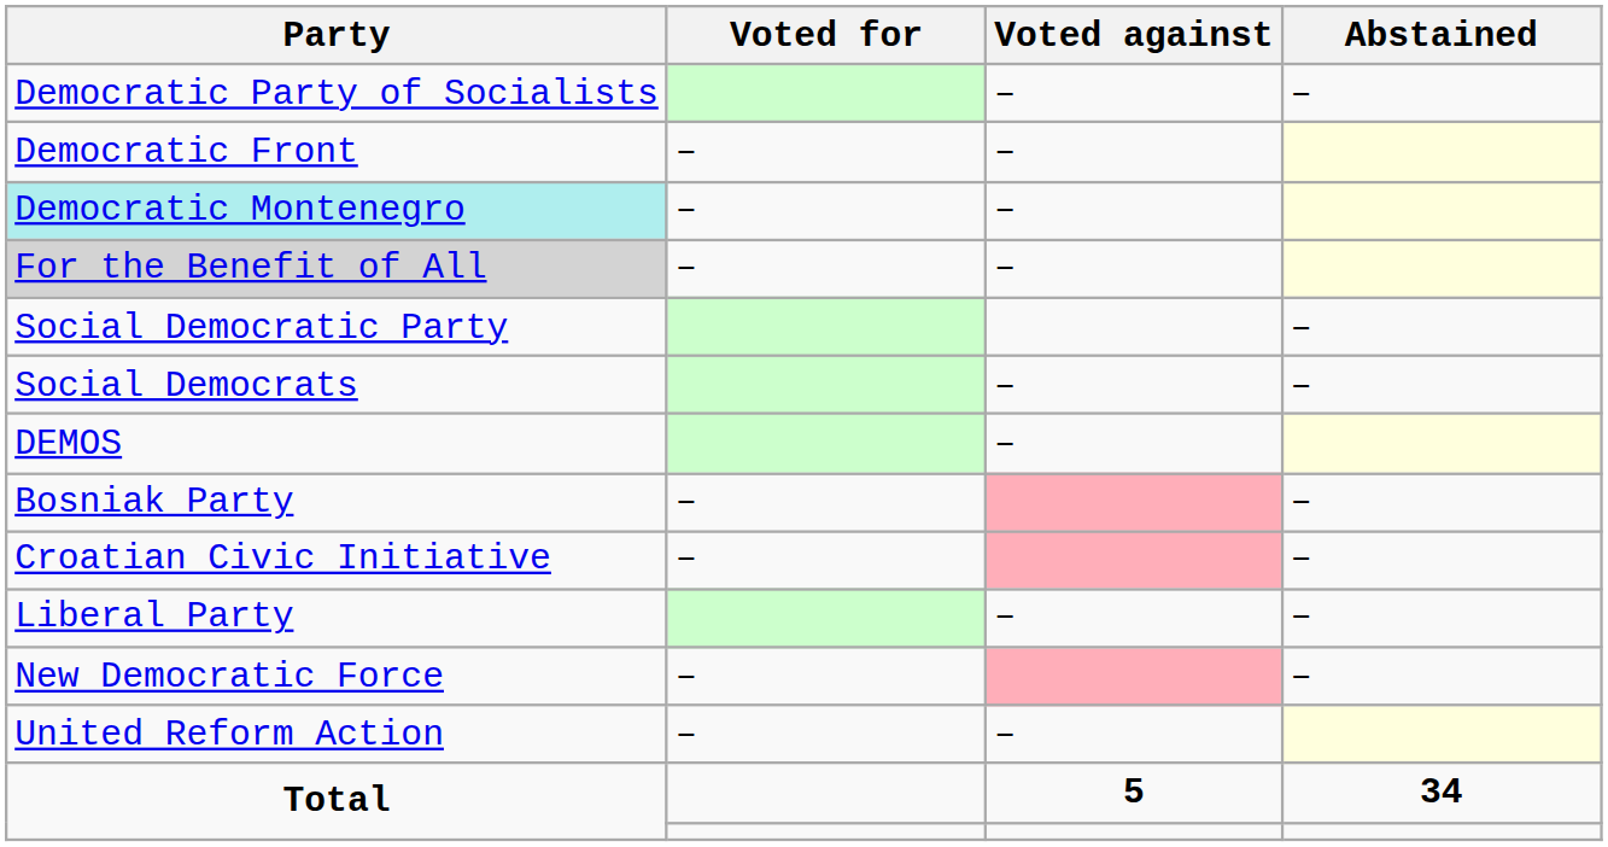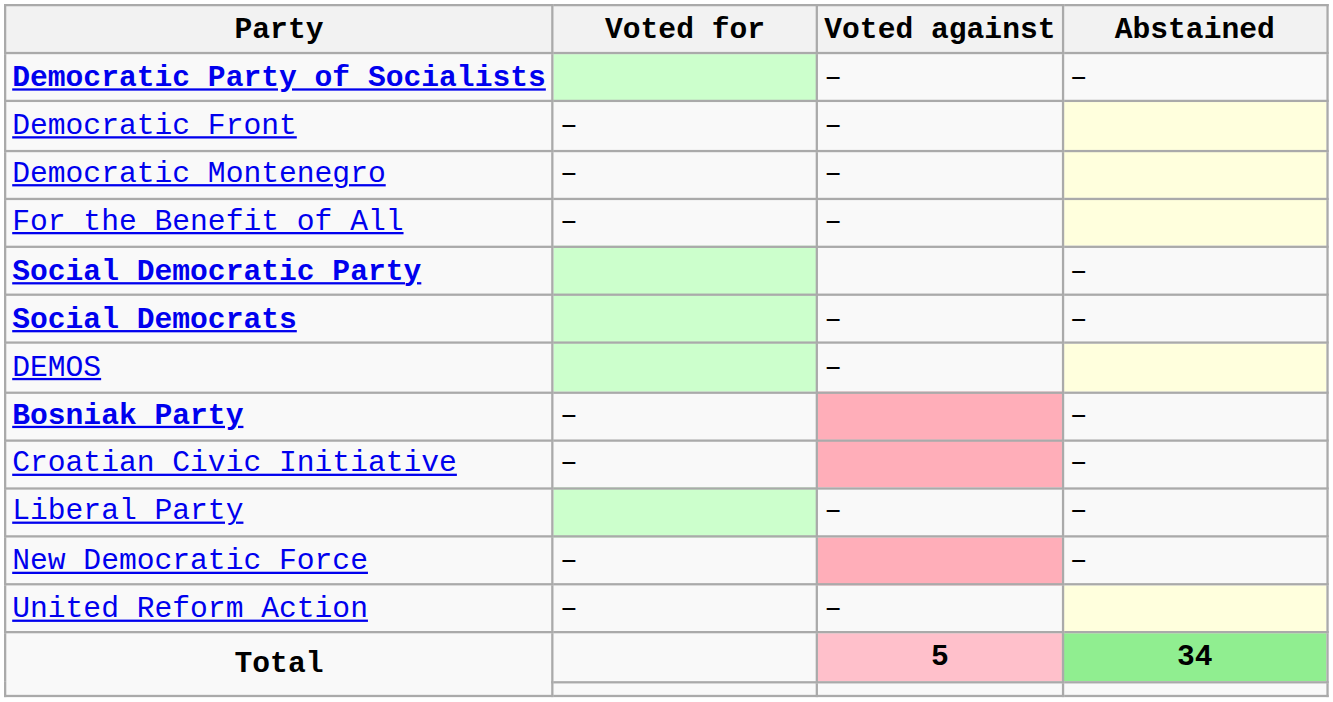 <table class="wikitable">
 <tr>
 <th>Party</th>
 <th style="width:20%;">Voted for</th>
 <th>Voted against</th>
 <th style="width:20%;">Abstained</th>
 </tr>
 <tr>
-<td> <a href='#'>Democratic Party of Socialists</a></td>
+<td><strong> <a href='#'>Democratic Party of Socialists</a></strong></td>
 <td style="background-color:#CCFFCC;"></td>
 <td>–</td>
 <td>–</td>
 </tr>
 <tr>
 <td> <a href='#'>Democratic Front</a></td>
 <td>–</td>
 <td>–</td>
 <td style="background-color:#FFD;"></td>
 </tr>
 <tr>
-<td style="background: paleturquoise;"> <a href='#'>Democratic Montenegro</a></td>
+<td> <a href='#'>Democratic Montenegro</a></td>
 <td>–</td>
 <td>–</td>
 <td style="background-color:#FFD;"></td>
 </tr>
 <tr>
-<td style="background: lightgrey;"> <a href='#'>For the Benefit of All</a></td>
+<td> <a href='#'>For the Benefit of All</a></td>
 <td>–</td>
 <td>–</td>
 <td style="background-color:#FFD;"></td>
 </tr>
 <tr>
-<td> <a href='#'>Social Democratic Party</a></td>
+<td><strong> <a href='#'>Social Democratic Party</a></strong></td>
 <td style="background-color:#CCFFCC;"></td>
 <td></td>
 <td>–</td>
 </tr>
 <tr>
-<td> <a href='#'>Social Democrats</a></td>
+<td><strong> <a href='#'>Social Democrats</a></strong></td>
 <td style="background-color:#CCFFCC;"></td>
 <td>–</td>
 <td>–</td>
 </tr>
 <tr>
 <td> <a href='#'>DEMOS</a></td>
 <td style="background-color:#CCFFCC;"></td>
 <td>–</td>
 <td style="background-color:#FFD;"></td>
 </tr>
 <tr>
-<td> <a href='#'>Bosniak Party</a></td>
+<td><strong> <a href='#'>Bosniak Party</a></strong></td>
 <td>–</td>
 <td style="background-color:#FFAEB9;"></td>
 <td>–</td>
 </tr>
 <tr>
 <td> <a href='#'>Croatian Civic Initiative</a></td>
 <td>–</td>
 <td style="background-color:#FFAEB9;"></td>
 <td>–</td>
 </tr>
 <tr>
 <td> <a href='#'>Liberal Party</a></td>
 <td style="background-color:#CCFFCC;"></td>
 <td>–</td>
 <td>–</td>
 </tr>
 <tr>
 <td> <a href='#'>New Democratic Force</a></td>
 <td>–</td>
 <td style="background-color:#FFAEB9;"></td>
 <td>–</td>
 </tr>
 <tr>
 <td> <a href='#'>United Reform Action</a></td>
 <td>–</td>
 <td>–</td>
 <td style="background-color:#FFD;"></td>
 </tr>
 <tr>
 <td style="text-align:center;" rowspan="2"><strong>Total</strong></td>
 <td></td>
-<td style="text-align:center;"><strong>5</strong></td>
-<td style="text-align:center;"><strong>34</strong></td>
+<td style="background: pink; text-align:center;"><strong>5</strong></td>
+<td style="background: lightgreen; text-align:center;"><strong>34</strong></td>
 </tr>
 <tr>
 <td style="text-align:center;"></td>
 <td style="text-align:center;"></td>
 <td style="text-align:center;"></td>
 </tr>
 </table>
